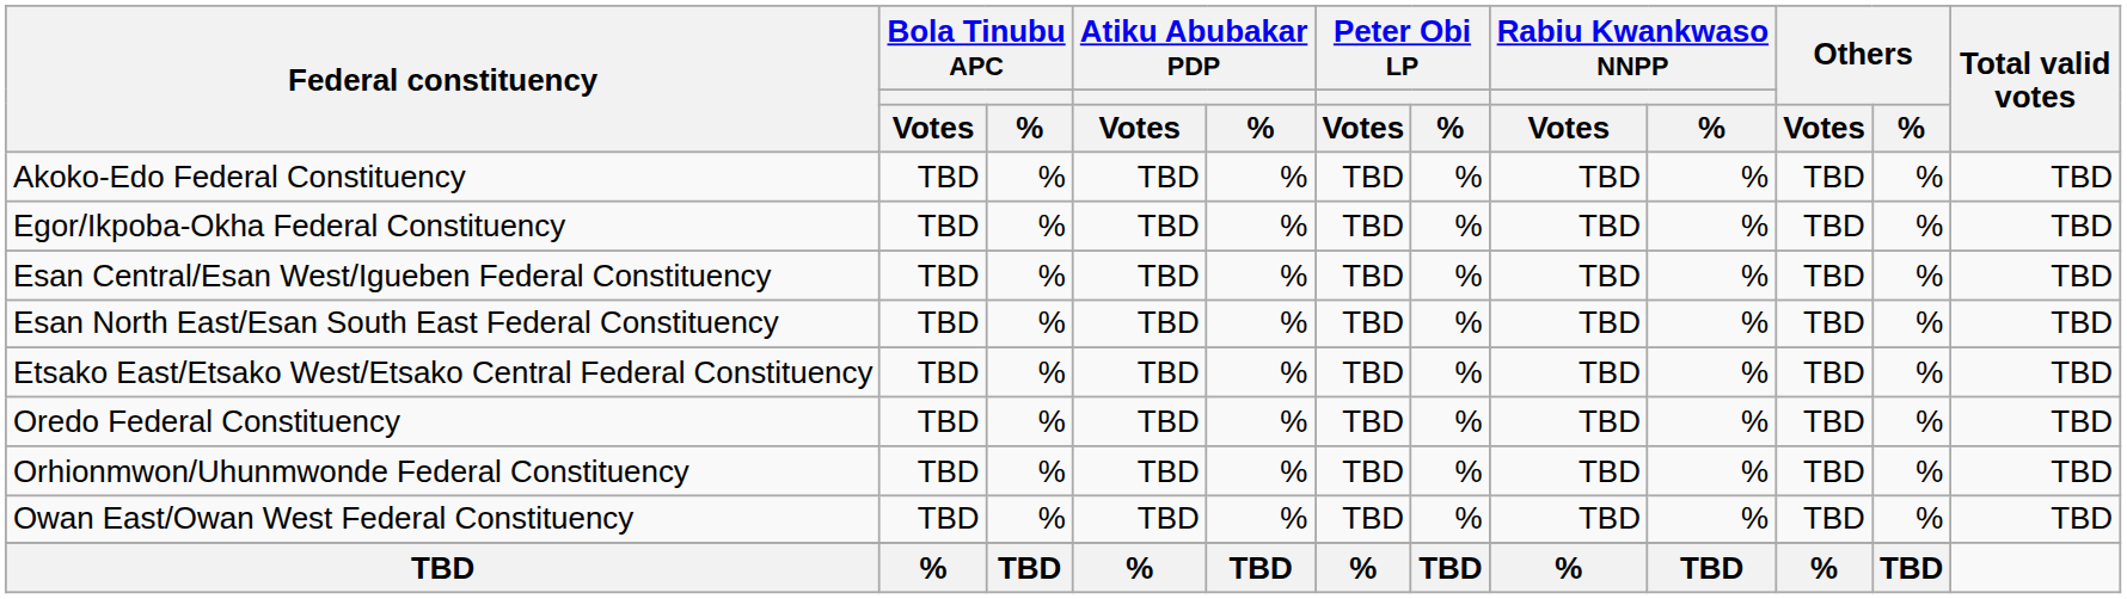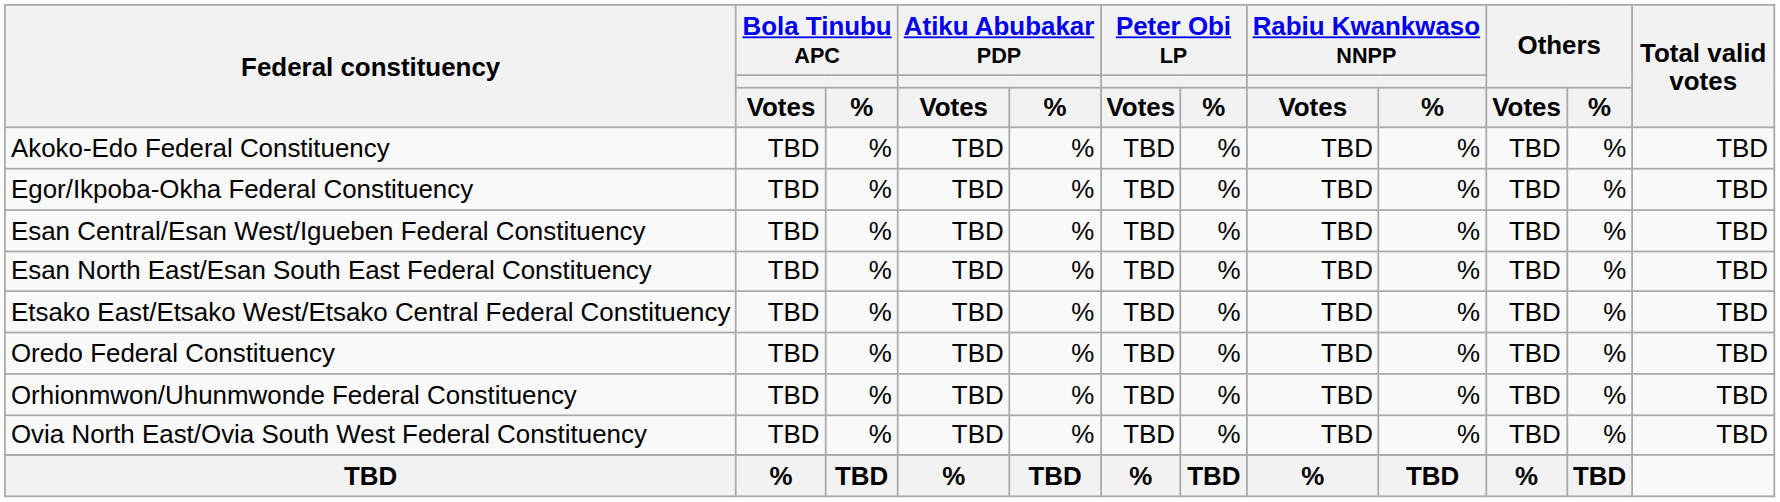 <table class="wikitable sortable" style="text-align:right; font-size:90%">
 <tr>
 <th rowspan="3" style="max-width:7.5em;">Federal constituency</th>
 <th colspan="2"><a href='#'>Bola Tinubu</a><br><small>APC</small></th>
 <th colspan="2"><a href='#'>Atiku Abubakar</a><br><small>PDP</small></th>
 <th colspan="2"><a href='#'>Peter Obi</a><br><small>LP</small></th>
 <th colspan="2"><a href='#'>Rabiu Kwankwaso</a><br><small>NNPP</small></th>
 <th colspan="2" rowspan="2">Others</th>
 <th rowspan="3" style="max-width:5em;">Total valid votes</th>
 </tr>
 <tr>
 <th colspan=2 style="background-color:"></th>
 <th colspan=2 style="background-color:"></th>
 <th colspan=2 style="background-color:"></th>
 <th colspan=2 style="background-color:"></th>
 </tr>
 <tr>
 <th>Votes</th>
 <th>%</th>
 <th>Votes</th>
 <th>%</th>
 <th>Votes</th>
 <th>%</th>
 <th>Votes</th>
 <th>%</th>
 <th>Votes</th>
 <th>%</th>
 </tr>
 <tr style="background-color:#">
 <td style="text-align:left;">Akoko-Edo Federal Constituency</td>
 <td>TBD</td>
 <td>%</td>
 <td>TBD</td>
 <td>%</td>
 <td>TBD</td>
 <td>%</td>
 <td>TBD</td>
 <td>%</td>
 <td>TBD</td>
 <td>%</td>
 <td>TBD</td>
 </tr>
 <tr style="background-color:#">
 <td style="text-align:left;">Egor/Ikpoba-Okha Federal Constituency</td>
 <td>TBD</td>
 <td>%</td>
 <td>TBD</td>
 <td>%</td>
 <td>TBD</td>
 <td>%</td>
 <td>TBD</td>
 <td>%</td>
 <td>TBD</td>
 <td>%</td>
 <td>TBD</td>
 </tr>
 <tr style="background-color:#">
 <td style="text-align:left;">Esan Central/Esan West/Igueben Federal Constituency</td>
 <td>TBD</td>
 <td>%</td>
 <td>TBD</td>
 <td>%</td>
 <td>TBD</td>
 <td>%</td>
 <td>TBD</td>
 <td>%</td>
 <td>TBD</td>
 <td>%</td>
 <td>TBD</td>
 </tr>
 <tr style="background-color:#">
 <td style="text-align:left;">Esan North East/Esan South East Federal Constituency</td>
 <td>TBD</td>
 <td>%</td>
 <td>TBD</td>
 <td>%</td>
 <td>TBD</td>
 <td>%</td>
 <td>TBD</td>
 <td>%</td>
 <td>TBD</td>
 <td>%</td>
 <td>TBD</td>
 </tr>
 <tr style="background-color:#">
 <td style="text-align:left;">Etsako East/Etsako West/Etsako Central Federal Constituency</td>
 <td>TBD</td>
 <td>%</td>
 <td>TBD</td>
 <td>%</td>
 <td>TBD</td>
 <td>%</td>
 <td>TBD</td>
 <td>%</td>
 <td>TBD</td>
 <td>%</td>
 <td>TBD</td>
 </tr>
 <tr style="background-color:#">
 <td style="text-align:left;">Oredo Federal Constituency</td>
 <td>TBD</td>
 <td>%</td>
 <td>TBD</td>
 <td>%</td>
 <td>TBD</td>
 <td>%</td>
 <td>TBD</td>
 <td>%</td>
 <td>TBD</td>
 <td>%</td>
 <td>TBD</td>
 </tr>
 <tr style="background-color:#">
 <td style="text-align:left;">Orhionmwon/Uhunmwonde Federal Constituency</td>
 <td>TBD</td>
 <td>%</td>
 <td>TBD</td>
 <td>%</td>
 <td>TBD</td>
 <td>%</td>
 <td>TBD</td>
 <td>%</td>
 <td>TBD</td>
 <td>%</td>
 <td>TBD</td>
 </tr>
 <tr style="background-color:#">
-<td style="text-align:left;">Owan East/Owan West Federal Constituency</td>
+<td style="text-align:left;">Ovia North East/Ovia South West Federal Constituency</td>
 <td>TBD</td>
 <td>%</td>
 <td>TBD</td>
 <td>%</td>
 <td>TBD</td>
 <td>%</td>
 <td>TBD</td>
 <td>%</td>
 <td>TBD</td>
 <td>%</td>
 <td>TBD</td>
 </tr>
 <tr>
 </tr>
 <tr>
 <th>TBD</th>
 <th>%</th>
 <th>TBD</th>
 <th>%</th>
 <th>TBD</th>
 <th>%</th>
 <th>TBD</th>
 <th>%</th>
 <th>TBD</th>
 <th>%</th>
 <th>TBD</th>
 </tr>
 </table>
